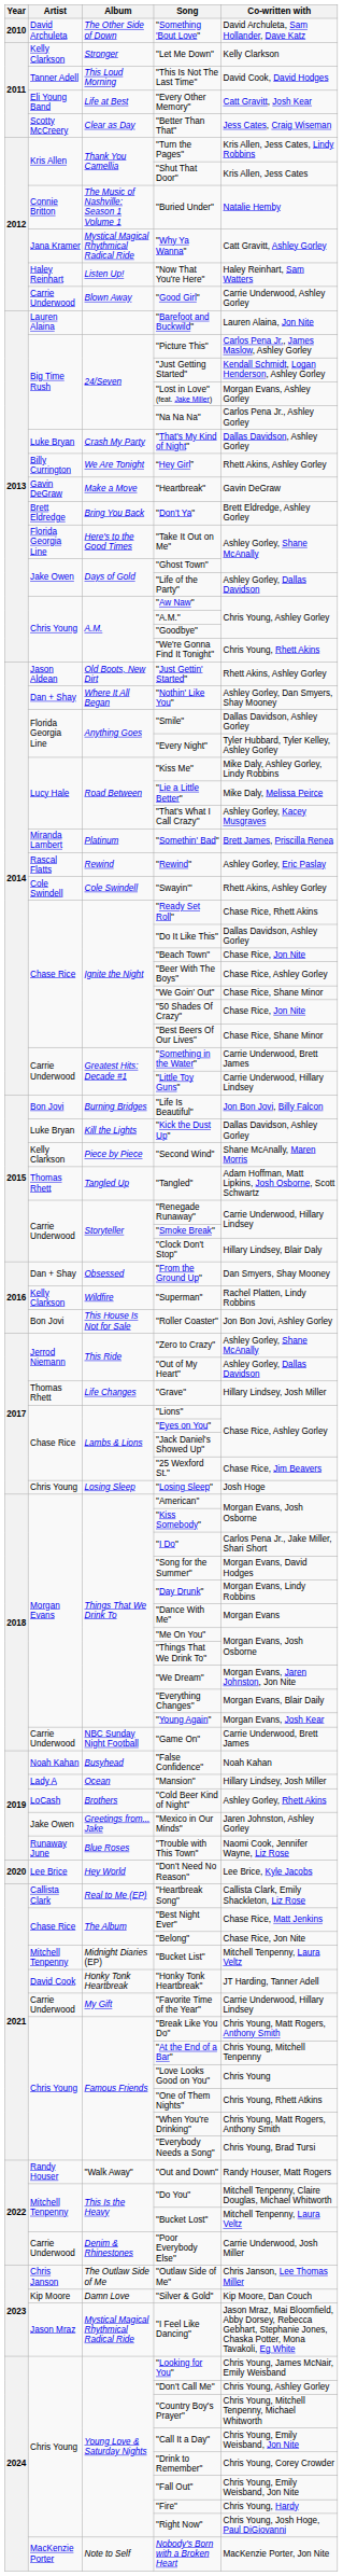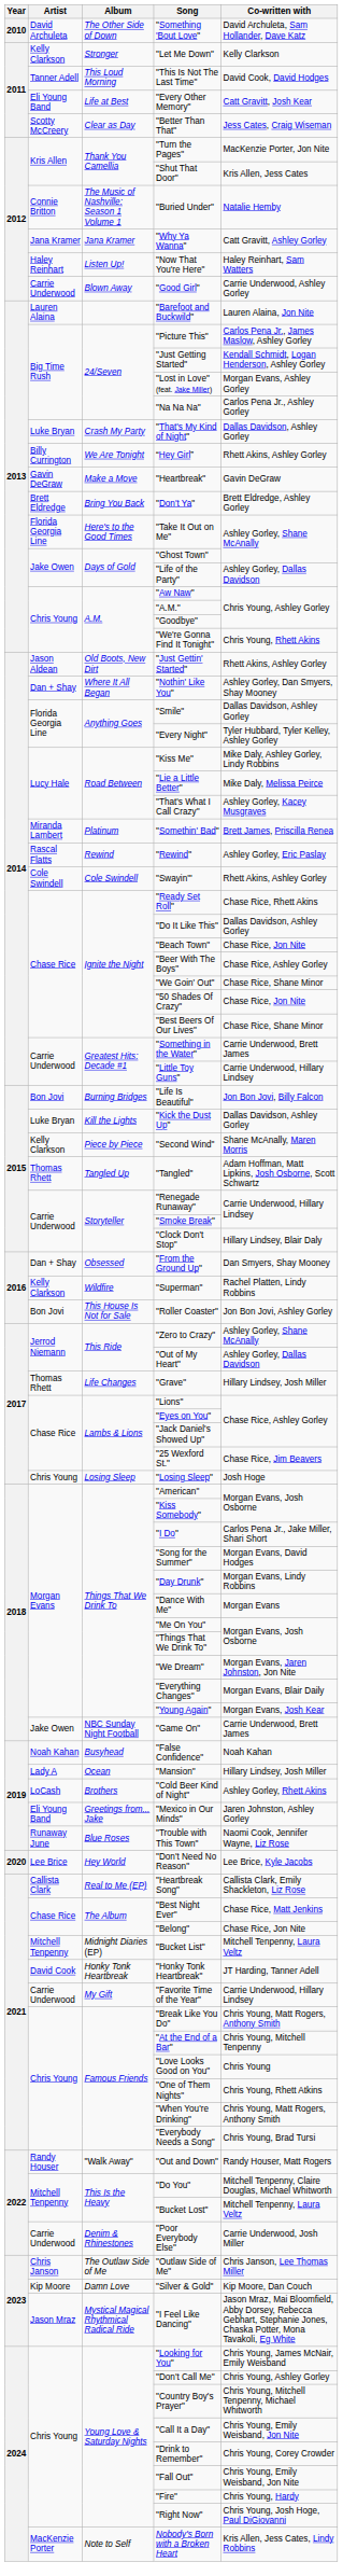 <table class="wikitable">
 <tr>
 <th>Year</th>
 <th>Artist</th>
 <th>Album</th>
 <th>Song</th>
 <th>Co-written with</th>
 </tr>
 <tr>
 <th>2010</th>
 <td><a href='#'>David Archuleta</a></td>
 <td><em><a href='#'>The Other Side of Down</a></em></td>
 <td>"<a href='#'>Something 'Bout Love</a>"</td>
 <td>David Archuleta, <a href='#'>Sam Hollander</a>, <a href='#'>Dave Katz</a></td>
 </tr>
 <tr>
 <th rowspan="4">2011</th>
 <td><a href='#'>Kelly Clarkson</a></td>
 <td><em><a href='#'>Stronger</a></em></td>
 <td>"Let Me Down"</td>
 <td>Kelly Clarkson</td>
 </tr>
 <tr>
 <td><a href='#'>Tanner Adell</a></td>
 <td><em><a href='#'>This Loud Morning</a></em></td>
 <td>"This Is Not The Last Time"</td>
 <td>David Cook, <a href='#'>David Hodges</a></td>
 </tr>
 <tr>
 <td><a href='#'>Eli Young Band</a></td>
 <td><em><a href='#'>Life at Best</a></em></td>
 <td>"Every Other Memory"</td>
 <td><a href='#'>Catt Gravitt</a>, <a href='#'>Josh Kear</a></td>
 </tr>
 <tr>
 <td><a href='#'>Scotty McCreery</a></td>
 <td><em><a href='#'>Clear as Day</a></em></td>
 <td>"Better Than That"</td>
 <td><a href='#'>Jess Cates</a>, <a href='#'>Craig Wiseman</a></td>
 </tr>
 <tr>
 <th rowspan="6">2012</th>
 <td rowspan="2"><a href='#'>Kris Allen</a></td>
 <td rowspan="2"><em><a href='#'>Thank You Camellia</a></em></td>
 <td>"Turn the Pages"</td>
-<td>Kris Allen, Jess Cates, <a href='#'>Lindy Robbins</a></td>
+<td>MacKenzie Porter, Jon Nite</td>
 </tr>
 <tr>
 <td>"Shut That Door"</td>
 <td>Kris Allen, Jess Cates</td>
 </tr>
 <tr>
 <td><a href='#'>Connie Britton</a></td>
 <td><em><a href='#'>The Music of Nashville: Season 1 Volume 1</a></em></td>
 <td>"Buried Under"</td>
 <td><a href='#'>Natalie Hemby</a></td>
 </tr>
 <tr>
 <td><a href='#'>Jana Kramer</a></td>
-<td><em><a href='#'>Mystical Magical Rhythmical Radical Ride</a></em></td>
+<td><em><a href='#'>Jana Kramer</a></em></td>
 <td>"<a href='#'>Why Ya Wanna</a>"</td>
 <td>Catt Gravitt, <a href='#'>Ashley Gorley</a></td>
 </tr>
 <tr>
 <td><a href='#'>Haley Reinhart</a></td>
 <td><em><a href='#'>Listen Up!</a></em></td>
 <td>"Now That You're Here"</td>
 <td>Haley Reinhart, <a href='#'>Sam Watters</a></td>
 </tr>
 <tr>
 <td><a href='#'>Carrie Underwood</a></td>
 <td><em><a href='#'>Blown Away</a></em></td>
 <td>"<a href='#'>Good Girl</a>"</td>
 <td>Carrie Underwood, Ashley Gorley</td>
 </tr>
 <tr>
 <th rowspan="16">2013</th>
 <td><a href='#'>Lauren Alaina</a></td>
 <td></td>
 <td>"<a href='#'>Barefoot and Buckwild</a>"</td>
 <td>Lauren Alaina, <a href='#'>Jon Nite</a></td>
 </tr>
 <tr>
 <td rowspan="4"><a href='#'>Big Time Rush</a></td>
 <td rowspan="4"><em><a href='#'>24/Seven</a></em></td>
 <td>"Picture This"</td>
 <td><a href='#'>Carlos Pena Jr.</a>, <a href='#'>James Maslow</a>, Ashley Gorley</td>
 </tr>
 <tr>
 <td>"Just Getting Started"</td>
 <td><a href='#'>Kendall Schmidt</a>, <a href='#'>Logan Henderson</a>, Ashley Gorley</td>
 </tr>
 <tr>
 <td>"Lost in Love" <small>(feat. <a href='#'>Jake Miller</a>)</small></td>
 <td>Morgan Evans, Ashley Gorley</td>
 </tr>
 <tr>
 <td>"Na Na Na"</td>
 <td>Carlos Pena Jr., Ashley Gorley</td>
 </tr>
 <tr>
 <td><a href='#'>Luke Bryan</a></td>
 <td><em><a href='#'>Crash My Party</a></em></td>
 <td>"<a href='#'>That's My Kind of Night</a>"</td>
 <td><a href='#'>Dallas Davidson</a>, Ashley Gorley</td>
 </tr>
 <tr>
 <td><a href='#'>Billy Currington</a></td>
 <td><em><a href='#'>We Are Tonight</a></em></td>
 <td>“<a href='#'>Hey Girl</a>”</td>
 <td>Rhett Akins, Ashley Gorley</td>
 </tr>
 <tr>
 <td><a href='#'>Gavin DeGraw</a></td>
 <td><em><a href='#'>Make a Move</a></em></td>
 <td>"Heartbreak"</td>
 <td>Gavin DeGraw</td>
 </tr>
 <tr>
 <td><a href='#'>Brett Eldredge</a></td>
 <td><em><a href='#'>Bring You Back</a></em></td>
 <td>"<a href='#'>Don't Ya</a>"</td>
 <td>Brett Eldredge, Ashley Gorley</td>
 </tr>
 <tr>
 <td><a href='#'>Florida Georgia Line</a></td>
 <td><em><a href='#'>Here's to the Good Times</a></em></td>
 <td>"Take It Out on Me"</td>
 <td rowspan="2">Ashley Gorley, <a href='#'>Shane McAnally</a></td>
 </tr>
 <tr>
 <td rowspan="2"><a href='#'>Jake Owen</a></td>
 <td rowspan="2"><em><a href='#'>Days of Gold</a></em></td>
 <td>"Ghost Town"</td>
 </tr>
 <tr>
 <td>"Life of the Party"</td>
 <td>Ashley Gorley, <a href='#'>Dallas Davidson</a></td>
 </tr>
 <tr>
 <td rowspan="4"><a href='#'>Chris Young</a></td>
 <td rowspan="4"><em><a href='#'>A.M.</a></em></td>
 <td>"<a href='#'>Aw Naw</a>"</td>
 <td rowspan="3">Chris Young, Ashley Gorley</td>
 </tr>
 <tr>
 <td>"A.M."</td>
 </tr>
 <tr>
 <td>"Goodbye"</td>
 </tr>
 <tr>
 <td>"We're Gonna Find It Tonight"</td>
 <td>Chris Young, <a href='#'>Rhett Akins</a></td>
 </tr>
 <tr>
 <th rowspan="19">2014</th>
 <td><a href='#'>Jason Aldean</a></td>
 <td><em><a href='#'>Old Boots, New Dirt</a></em></td>
 <td>"<a href='#'>Just Gettin' Started</a>"</td>
 <td>Rhett Akins, Ashley Gorley</td>
 </tr>
 <tr>
 <td><a href='#'>Dan + Shay</a></td>
 <td><em><a href='#'>Where It All Began</a></em></td>
 <td>"<a href='#'>Nothin' Like You</a>"</td>
 <td>Ashley Gorley, Dan Smyers, Shay Mooney</td>
 </tr>
 <tr>
 <td rowspan="2">Florida Georgia Line</td>
 <td rowspan="2"><em><a href='#'>Anything Goes</a></em></td>
 <td>"Smile"</td>
 <td>Dallas Davidson, Ashley Gorley</td>
 </tr>
 <tr>
 <td>"Every Night"</td>
 <td>Tyler Hubbard, Tyler Kelley, Ashley Gorley</td>
 </tr>
 <tr>
 <td rowspan="3"><a href='#'>Lucy Hale</a></td>
 <td rowspan="3"><em><a href='#'>Road Between</a></em></td>
 <td>"Kiss Me"</td>
 <td>Mike Daly, Ashley Gorley, Lindy Robbins</td>
 </tr>
 <tr>
 <td>"<a href='#'>Lie a Little Better</a>"</td>
 <td>Mike Daly, <a href='#'>Melissa Peirce</a></td>
 </tr>
 <tr>
 <td>"That's What I Call Crazy"</td>
 <td>Ashley Gorley, <a href='#'>Kacey Musgraves</a></td>
 </tr>
 <tr>
 <td><a href='#'>Miranda Lambert</a></td>
 <td><em><a href='#'>Platinum</a></em></td>
 <td>"<a href='#'>Somethin' Bad</a>" </td>
 <td><a href='#'>Brett James</a>, <a href='#'>Priscilla Renea</a></td>
 </tr>
 <tr>
 <td><a href='#'>Rascal Flatts</a></td>
 <td><em><a href='#'>Rewind</a></em></td>
 <td>"<a href='#'>Rewind</a>"</td>
 <td>Ashley Gorley, <a href='#'>Eric Paslay</a></td>
 </tr>
 <tr>
 <td><a href='#'>Cole Swindell</a></td>
 <td><em><a href='#'>Cole Swindell</a></em></td>
 <td>"Swayin'"</td>
 <td>Rhett Akins, Ashley Gorley</td>
 </tr>
 <tr>
 <td rowspan="7"><a href='#'>Chase Rice</a></td>
 <td rowspan="7"><em><a href='#'>Ignite the Night</a></em></td>
 <td>"<a href='#'>Ready Set Roll</a>"</td>
 <td>Chase Rice, Rhett Akins</td>
 </tr>
 <tr>
 <td>"Do It Like This"</td>
 <td>Dallas Davidson, Ashley Gorley</td>
 </tr>
 <tr>
 <td>"Beach Town"</td>
 <td>Chase Rice, <a href='#'>Jon Nite</a></td>
 </tr>
 <tr>
 <td>"Beer With The Boys"</td>
 <td>Chase Rice, Ashley Gorley</td>
 </tr>
 <tr>
 <td>"We Goin' Out"</td>
 <td>Chase Rice, Shane Minor</td>
 </tr>
 <tr>
 <td>"50 Shades Of Crazy"</td>
 <td>Chase Rice, <a href='#'>Jon Nite</a></td>
 </tr>
 <tr>
 <td>"Best Beers Of Our Lives"</td>
 <td>Chase Rice, Shane Minor</td>
 </tr>
 <tr>
 <td rowspan="2">Carrie Underwood</td>
 <td rowspan="2"><em><a href='#'>Greatest Hits: Decade #1</a></em></td>
 <td>"<a href='#'>Something in the Water</a>"</td>
 <td>Carrie Underwood, Brett James</td>
 </tr>
 <tr>
 <td>"<a href='#'>Little Toy Guns</a>"</td>
 <td>Carrie Underwood, Hillary Lindsey</td>
 </tr>
 <tr>
 <th rowspan="7">2015</th>
 <td><a href='#'>Bon Jovi</a></td>
 <td><em><a href='#'>Burning Bridges</a></em></td>
 <td>"Life Is Beautiful"</td>
 <td><a href='#'>Jon Bon Jovi</a>, <a href='#'>Billy Falcon</a></td>
 </tr>
 <tr>
 <td>Luke Bryan</td>
 <td><em><a href='#'>Kill the Lights</a></em></td>
 <td>"<a href='#'>Kick the Dust Up</a>"</td>
 <td>Dallas Davidson, Ashley Gorley</td>
 </tr>
 <tr>
 <td>Kelly Clarkson</td>
 <td><em><a href='#'>Piece by Piece</a></em></td>
 <td>"Second Wind"</td>
 <td>Shane McAnally, <a href='#'>Maren Morris</a></td>
 </tr>
 <tr>
 <td><a href='#'>Thomas Rhett</a></td>
 <td><em><a href='#'>Tangled Up</a></em></td>
 <td>"Tangled"</td>
 <td>Adam Hoffman, Matt Lipkins, <a href='#'>Josh Osborne</a>, Scott Schwartz</td>
 </tr>
 <tr>
 <td rowspan="3">Carrie Underwood</td>
 <td rowspan="3"><em><a href='#'>Storyteller</a></em></td>
 <td>"Renegade Runaway"</td>
 <td rowspan="2">Carrie Underwood, Hillary Lindsey</td>
 </tr>
 <tr>
 <td>"<a href='#'>Smoke Break</a>"</td>
 </tr>
 <tr>
 <td>"Clock Don't Stop"</td>
 <td>Hillary Lindsey, Blair Daly</td>
 </tr>
 <tr>
 <th rowspan="3">2016</th>
 <td>Dan + Shay</td>
 <td><em><a href='#'>Obsessed</a></em></td>
 <td>"<a href='#'>From the Ground Up</a>"</td>
 <td>Dan Smyers, Shay Mooney</td>
 </tr>
 <tr>
 <td><a href='#'>Kelly Clarkson</a></td>
 <td><em><a href='#'>Wildfire</a></em></td>
 <td>"Superman"</td>
 <td>Rachel Platten, Lindy Robbins</td>
 </tr>
 <tr>
 <td>Bon Jovi</td>
 <td><em><a href='#'>This House Is Not for Sale</a></em></td>
 <td>"Roller Coaster"</td>
 <td>Jon Bon Jovi, Ashley Gorley</td>
 </tr>
 <tr>
 <th rowspan="8">2017</th>
 <td rowspan="2"><a href='#'>Jerrod Niemann</a></td>
 <td rowspan="2"><em><a href='#'>This Ride</a></em></td>
 <td>"Zero to Crazy"</td>
 <td>Ashley Gorley, <a href='#'>Shane McAnally</a></td>
 </tr>
 <tr>
 <td>"Out of My Heart"</td>
 <td>Ashley Gorley, <a href='#'>Dallas Davidson</a></td>
 </tr>
 <tr>
 <td>Thomas Rhett</td>
 <td><em><a href='#'>Life Changes</a></em></td>
 <td>"Grave"</td>
 <td>Hillary Lindsey, Josh Miller</td>
 </tr>
 <tr>
 <td rowspan="4">Chase Rice</td>
 <td rowspan="4"><em><a href='#'>Lambs & Lions</a></em></td>
 <td>"Lions"</td>
 <td rowspan="3">Chase Rice, Ashley Gorley</td>
 </tr>
 <tr>
 <td>"<a href='#'>Eyes on You</a>"</td>
 </tr>
 <tr>
 <td>"Jack Daniel's Showed Up"</td>
 </tr>
 <tr>
 <td>"25 Wexford St."</td>
 <td>Chase Rice, <a href='#'>Jim Beavers</a></td>
 </tr>
 <tr>
 <td>Chris Young</td>
 <td><em><a href='#'>Losing Sleep</a></em></td>
 <td>"<a href='#'>Losing Sleep</a>"</td>
 <td>Josh Hoge</td>
 </tr>
 <tr>
 <th rowspan="12">2018</th>
 <td rowspan="11"><a href='#'>Morgan Evans</a></td>
 <td rowspan="11"><em><a href='#'>Things That We Drink To</a></em></td>
 <td>"American"</td>
 <td rowspan="2">Morgan Evans, Josh Osborne</td>
 </tr>
 <tr>
 <td>"<a href='#'>Kiss Somebody</a>"</td>
 </tr>
 <tr>
 <td>"<a href='#'>I Do</a>"</td>
 <td>Carlos Pena Jr., Jake Miller, Shari Short</td>
 </tr>
 <tr>
 <td>"Song for the Summer"</td>
 <td>Morgan Evans, David Hodges</td>
 </tr>
 <tr>
 <td>"<a href='#'>Day Drunk</a>"</td>
 <td>Morgan Evans, Lindy Robbins</td>
 </tr>
 <tr>
 <td>"Dance With Me" </td>
 <td>Morgan Evans</td>
 </tr>
 <tr>
 <td>"Me On You"</td>
 <td rowspan="2">Morgan Evans, Josh Osborne</td>
 </tr>
 <tr>
 <td>"Things That We Drink To"</td>
 </tr>
 <tr>
 <td>"We Dream"</td>
 <td>Morgan Evans, <a href='#'>Jaren Johnston</a>, Jon Nite</td>
 </tr>
 <tr>
 <td>"Everything Changes"</td>
 <td>Morgan Evans, Blair Daily</td>
 </tr>
 <tr>
 <td>"<a href='#'>Young Again</a>"</td>
 <td>Morgan Evans, <a href='#'>Josh Kear</a></td>
 </tr>
 <tr>
-<td>Carrie Underwood</td>
+<td>Jake Owen</td>
 <td><a href='#'>NBC Sunday Night Football</a></td>
 <td>"Game On"</td>
 <td>Carrie Underwood, Brett James</td>
 </tr>
 <tr>
 <th rowspan="5">2019</th>
 <td><a href='#'>Noah Kahan</a></td>
 <td><em><a href='#'>Busyhead</a></em></td>
 <td>"False Confidence"</td>
 <td>Noah Kahan</td>
 </tr>
 <tr>
 <td><a href='#'>Lady A</a></td>
 <td><em><a href='#'>Ocean</a></em></td>
 <td>"Mansion"</td>
 <td>Hillary Lindsey, Josh Miller</td>
 </tr>
 <tr>
 <td><a href='#'>LoCash</a></td>
 <td><em><a href='#'>Brothers</a></em></td>
 <td>"Cold Beer Kind of Night"</td>
 <td>Ashley Gorley, <a href='#'>Rhett Akins</a></td>
 </tr>
 <tr>
-<td>Jake Owen</td>
+<td><a href='#'>Eli Young Band</a></td>
 <td><em><a href='#'>Greetings from... Jake</a></em></td>
 <td>"Mexico in Our Minds"</td>
 <td>Jaren Johnston, Ashley Gorley</td>
 </tr>
 <tr>
 <td><a href='#'>Runaway June</a></td>
 <td><em><a href='#'>Blue Roses</a></em></td>
 <td>"Trouble with This Town"</td>
 <td>Naomi Cook, Jennifer Wayne, <a href='#'>Liz Rose</a></td>
 </tr>
 <tr>
 <th>2020</th>
 <td><a href='#'>Lee Brice</a></td>
 <td><em><a href='#'>Hey World</a></em></td>
 <td>"Don't Need No Reason"</td>
 <td>Lee Brice, <a href='#'>Kyle Jacobs</a></td>
 </tr>
 <tr>
 <th rowspan="12">2021</th>
 <td><a href='#'>Callista Clark</a></td>
 <td><em><a href='#'>Real to Me (EP)</a></em></td>
 <td>"Heartbreak Song"</td>
 <td>Callista Clark, Emily Shackleton, <a href='#'>Liz Rose</a></td>
 </tr>
 <tr>
 <td rowspan="2"><a href='#'>Chase Rice</a></td>
 <td rowspan="2"><em><a href='#'>The Album</a></em></td>
 <td>"Best Night Ever"</td>
 <td>Chase Rice, <a href='#'>Matt Jenkins</a></td>
 </tr>
 <tr>
 <td>"Belong"</td>
 <td>Chase Rice, Jon Nite</td>
 </tr>
 <tr>
 <td><a href='#'>Mitchell Tenpenny</a></td>
 <td><em>Midnight Diaries</em> (EP)</td>
 <td>"Bucket List"</td>
 <td>Mitchell Tenpenny, <a href='#'>Laura Veltz</a></td>
 </tr>
 <tr>
 <td><a href='#'>David Cook</a></td>
 <td><em>Honky Tonk Heartbreak</em></td>
 <td>"Honky Tonk Heartbreak"</td>
 <td>JT Harding, Tanner Adell</td>
 </tr>
 <tr>
 <td>Carrie Underwood</td>
 <td><em><a href='#'>My Gift</a></em></td>
 <td>"Favorite Time of the Year"</td>
 <td>Carrie Underwood, Hillary Lindsey</td>
 </tr>
 <tr>
 <td rowspan="6"><a href='#'>Chris Young</a></td>
 <td rowspan="6"><em><a href='#'>Famous Friends</a></em></td>
 <td>"Break Like You Do"</td>
 <td>Chris Young, Matt Rogers, <a href='#'>Anthony Smith</a></td>
 </tr>
 <tr>
 <td>"<a href='#'>At the End of a Bar</a>" </td>
 <td>Chris Young, Mitchell Tenpenny</td>
 </tr>
 <tr>
 <td>"Love Looks Good on You"</td>
 <td>Chris Young</td>
 </tr>
 <tr>
 <td>"One of Them Nights"</td>
 <td>Chris Young, Rhett Atkins</td>
 </tr>
 <tr>
 <td>"When You're Drinking"</td>
 <td>Chris Young, Matt Rogers, Anthony Smith</td>
 </tr>
 <tr>
 <td>"Everybody Needs a Song" </td>
 <td>Chris Young, Brad Tursi</td>
 </tr>
 <tr>
 <th rowspan="4">2022</th>
 <td><a href='#'>Randy Houser</a></td>
 <td>"Walk Away"</td>
 <td>"Out and Down"</td>
 <td>Randy Houser, Matt Rogers</td>
 </tr>
 <tr>
 <td rowspan="2"><a href='#'>Mitchell Tenpenny</a></td>
 <td rowspan="2"><em><a href='#'>This Is the Heavy</a></em></td>
 <td>"Do You"</td>
 <td>Mitchell Tenpenny, Claire Douglas, Michael Whitworth</td>
 </tr>
 <tr>
 <td>"Bucket Lost"</td>
 <td>Mitchell Tenpenny, <a href='#'>Laura Veltz</a></td>
 </tr>
 <tr>
 <td>Carrie Underwood</td>
 <td><em><a href='#'>Denim & Rhinestones</a></em></td>
 <td>"Poor Everybody Else"</td>
 <td>Carrie Underwood, Josh Miller</td>
 </tr>
 <tr>
 <th rowspan="3">2023</th>
 <td><a href='#'>Chris Janson</a></td>
 <td><em>The Outlaw Side of Me</em></td>
 <td>"Outlaw Side of Me"</td>
 <td>Chris Janson, <a href='#'>Lee Thomas Miller</a></td>
 </tr>
 <tr>
 <td>Kip Moore</td>
 <td><em>Damn Love</em></td>
 <td>"Silver & Gold"</td>
 <td>Kip Moore, Dan Couch</td>
 </tr>
 <tr>
 <td><a href='#'>Jason Mraz</a></td>
 <td><em><a href='#'>Mystical Magical Rhythmical Radical Ride</a></em></td>
 <td>"I Feel Like Dancing"</td>
 <td>Jason Mraz, Mai Bloomfield, Abby Dorsey, Rebecca Gebhart, Stephanie Jones, Chaska Potter, Mona Tavakoli, <a href='#'>Eg White</a></td>
 </tr>
 <tr>
 <th rowspan="9">2024</th>
 <td rowspan="8">Chris Young</td>
 <td rowspan="8"><em><a href='#'>Young Love & Saturday Nights</a></em></td>
 <td>"<a href='#'>Looking for You</a>"</td>
 <td>Chris Young, James McNair, Emily Weisband</td>
 </tr>
 <tr>
 <td>"Don't Call Me"</td>
 <td>Chris Young, Ashley Gorley</td>
 </tr>
 <tr>
 <td>"Country Boy's Prayer"</td>
 <td>Chris Young, Mitchell Tenpenny, Michael Whitworth</td>
 </tr>
 <tr>
 <td>"Call It a Day"</td>
 <td>Chris Young, Emily Weisband, <a href='#'>Jon Nite</a></td>
 </tr>
 <tr>
 <td>"Drink to Remember"</td>
 <td>Chris Young, Corey Crowder</td>
 </tr>
 <tr>
 <td>"Fall Out"</td>
 <td>Chris Young, Emily Weisband, Jon Nite</td>
 </tr>
 <tr>
 <td>"Fire"</td>
 <td>Chris Young, <a href='#'>Hardy</a></td>
 </tr>
 <tr>
 <td>"Right Now"</td>
 <td>Chris Young, Josh Hoge, <a href='#'>Paul DiGiovanni</a></td>
 </tr>
 <tr>
 <td><a href='#'>MacKenzie Porter</a></td>
 <td><em>Note to Self</em></td>
 <td><em><a href='#'>Nobody's Born with a Broken Heart</a></em></td>
-<td>MacKenzie Porter, Jon Nite</td>
+<td>Kris Allen, Jess Cates, <a href='#'>Lindy Robbins</a></td>
 </tr>
 </table>
